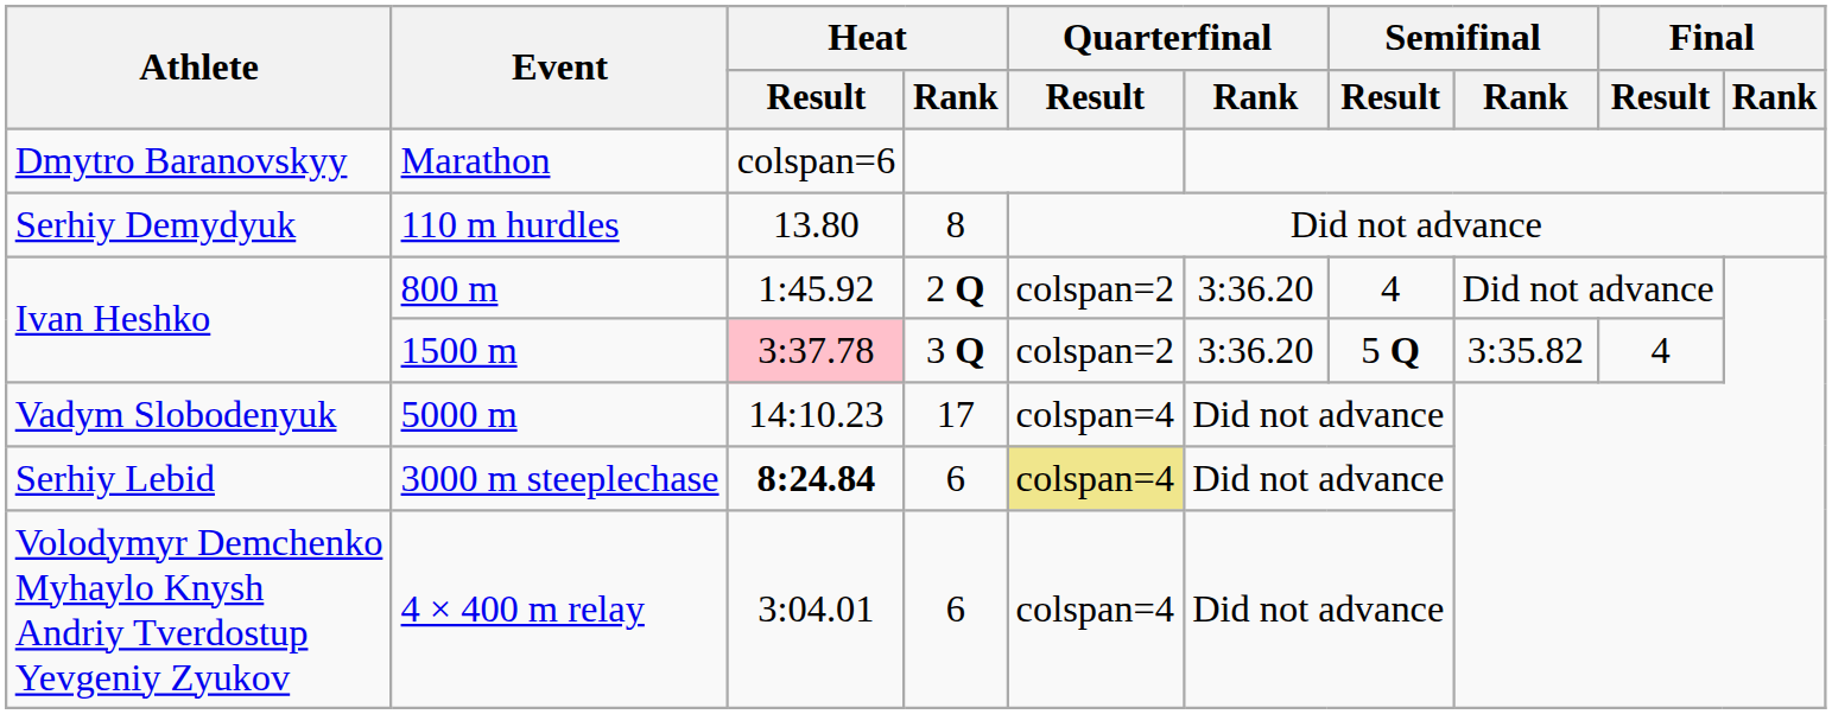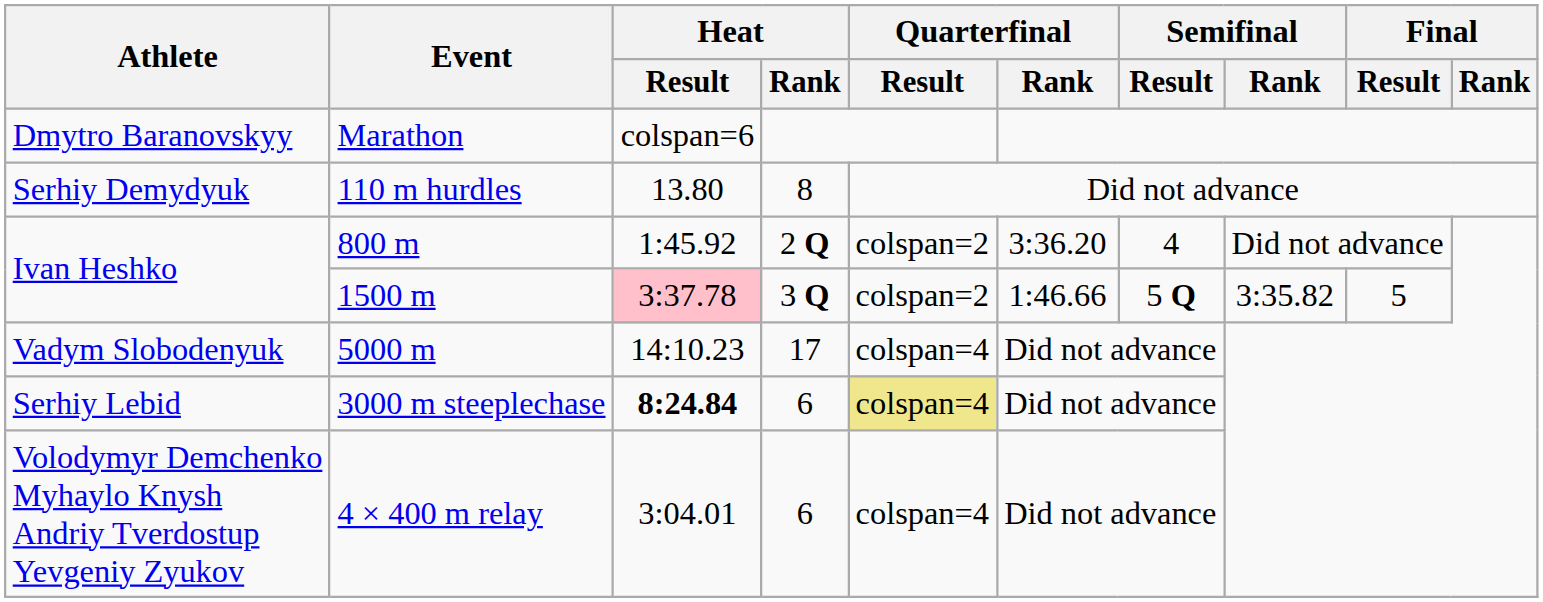 <table class=wikitable style="font-size:90%">
 <tr>
 <th rowspan="2">Athlete</th>
 <th rowspan="2">Event</th>
 <th colspan="2">Heat</th>
 <th colspan="2">Quarterfinal</th>
 <th colspan="2">Semifinal</th>
 <th colspan="2">Final</th>
 </tr>
 <tr style="font-size:95%">
 <th>Result</th>
 <th>Rank</th>
 <th>Result</th>
 <th>Rank</th>
 <th>Result</th>
 <th>Rank</th>
 <th>Result</th>
 <th>Rank</th>
 </tr>
 <tr align=center>
 <td align=left><a href='#'>Dmytro Baranovskyy</a></td>
 <td align=left><a href='#'>Marathon</a></td>
 <td>colspan=6 </td>
 <td colspan=2></td>
 </tr>
 <tr align=center>
 <td align=left><a href='#'>Serhiy Demydyuk</a></td>
 <td align=left><a href='#'>110 m hurdles</a></td>
 <td>13.80</td>
 <td>8</td>
 <td colspan=6>Did not advance</td>
 </tr>
 <tr align=center>
 <td align=left rowspan=2><a href='#'>Ivan Heshko</a></td>
 <td align=left><a href='#'>800 m</a></td>
 <td>1:45.92</td>
 <td>2 <strong>Q</strong></td>
 <td>colspan=2 </td>
 <td>3:36.20</td>
 <td>4</td>
 <td colspan=2>Did not advance</td>
 </tr>
 <tr align=center>
 <td align=left><a href='#'>1500 m</a></td>
 <td style="background: pink;">3:37.78</td>
 <td>3 <strong>Q</strong></td>
 <td>colspan=2 </td>
-<td>3:36.20</td>
+<td>1:46.66</td>
 <td>5 <strong>Q</strong></td>
 <td>3:35.82</td>
-<td>4</td>
+<td>5</td>
 </tr>
 <tr align=center>
 <td align=left><a href='#'>Vadym Slobodenyuk</a></td>
 <td align=left><a href='#'>5000 m</a></td>
 <td>14:10.23</td>
 <td>17</td>
 <td>colspan=4 </td>
 <td colspan=2>Did not advance</td>
 </tr>
 <tr align=center>
 <td align=left><a href='#'>Serhiy Lebid</a></td>
 <td align=left><a href='#'>3000 m steeplechase</a></td>
 <td><strong>8:24.84</strong></td>
 <td>6</td>
 <td style="background: khaki;">colspan=4 </td>
 <td colspan=2>Did not advance</td>
 </tr>
 <tr align=center>
 <td align=left><a href='#'>Volodymyr Demchenko</a><br><a href='#'>Myhaylo Knysh</a><br><a href='#'>Andriy Tverdostup</a><br><a href='#'>Yevgeniy Zyukov</a></td>
 <td align=left><a href='#'>4 × 400 m relay</a></td>
 <td>3:04.01</td>
 <td>6</td>
 <td>colspan=4 </td>
 <td colspan=2>Did not advance</td>
 </tr>
 </table>
